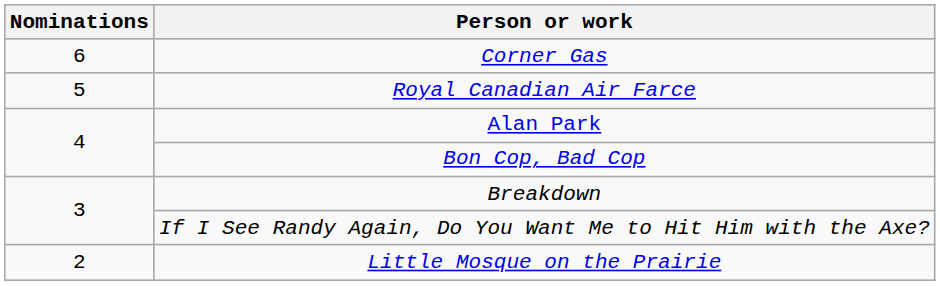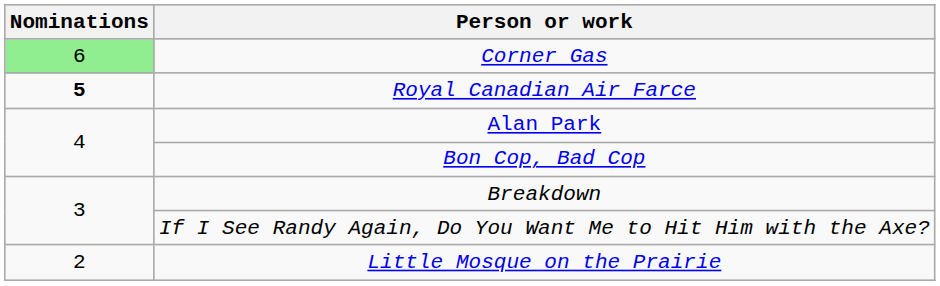 <table class="wikitable sortable" style="text-align:center">
 <tr>
 <th scope="col" style="width:55px;">Nominations</th>
 <th scope="col" style="text-align:center;">Person or work</th>
 </tr>
 <tr>
-<td style="text-align:center">6</td>
+<td style="background: lightgreen; text-align:center">6</td>
 <td><em><a href='#'>Corner Gas</a></em></td>
 </tr>
 <tr>
-<td style="text-align:center">5</td>
+<td style="text-align:center"><strong>5</strong></td>
 <td><em><a href='#'>Royal Canadian Air Farce</a></em></td>
 </tr>
 <tr>
 <td rowspan=2 style="text-align:center">4</td>
 <td><a href='#'>Alan Park</a></td>
 </tr>
 <tr>
 <td><em><a href='#'>Bon Cop, Bad Cop</a></em></td>
 </tr>
 <tr>
 <td rowspan=2 style="text-align:center">3</td>
 <td><em>Breakdown</em></td>
 </tr>
 <tr>
 <td><em>If I See Randy Again, Do You Want Me to Hit Him with the Axe?</em></td>
 </tr>
 <tr>
 <td style="text-align:center">2</td>
 <td><em><a href='#'>Little Mosque on the Prairie</a></em></td>
 </tr>
 </table>
